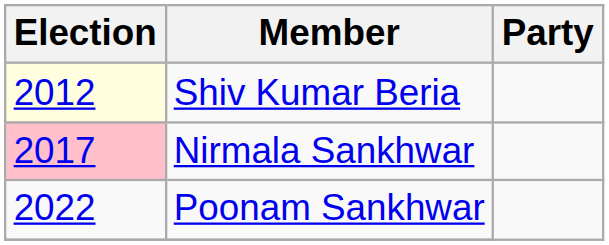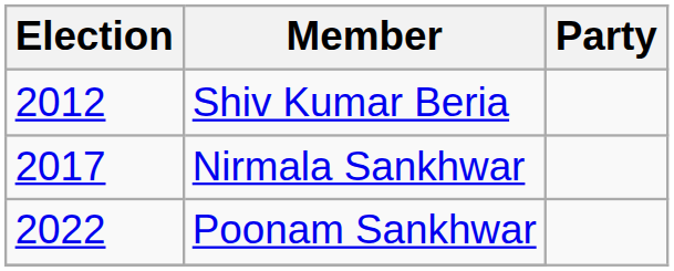 <table class="wikitable sortable">
 <tr>
 <th>Election</th>
 <th>Member</th>
 <th colspan=2>Party</th>
 </tr>
 <tr>
-<td style="background: lightyellow;"><a href='#'>2012</a></td>
+<td><a href='#'>2012</a></td>
 <td><a href='#'>Shiv Kumar Beria</a></td>
 <td></td>
 </tr>
 <tr>
-<td style="background: pink;"><a href='#'>2017</a></td>
+<td><a href='#'>2017</a></td>
 <td><a href='#'>Nirmala Sankhwar</a></td>
 <td></td>
 </tr>
 <tr>
 <td><a href='#'>2022</a></td>
 <td><a href='#'>Poonam Sankhwar</a></td>
 </tr>
 <tr>
 </tr>
 </table>
